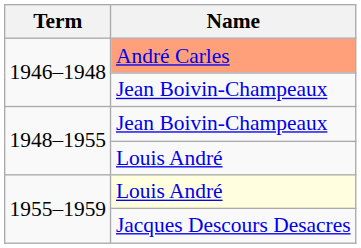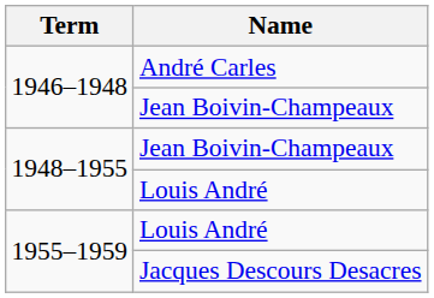 <table class="wikitable sortable">
 <tr>
 <th>Term</th>
 <th>Name</th>
 </tr>
 <tr>
 <td rowspan=2>1946–1948</td>
-<td style="background: lightsalmon;"><a href='#'>André Carles</a></td>
+<td><a href='#'>André Carles</a></td>
 </tr>
 <tr>
 <td><a href='#'>Jean Boivin-Champeaux</a></td>
 </tr>
 <tr>
 <td rowspan=2>1948–1955</td>
 <td><a href='#'>Jean Boivin-Champeaux</a></td>
 </tr>
 <tr>
 <td><a href='#'>Louis André</a></td>
 </tr>
 <tr>
 <td rowspan=2>1955–1959</td>
-<td style="background: lightyellow;"><a href='#'>Louis André</a></td>
+<td><a href='#'>Louis André</a></td>
 </tr>
 <tr>
 <td><a href='#'>Jacques Descours Desacres</a></td>
 </tr>
 </table>
